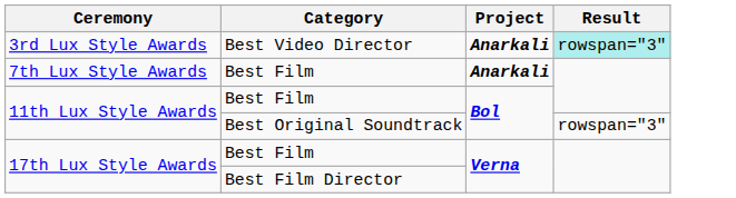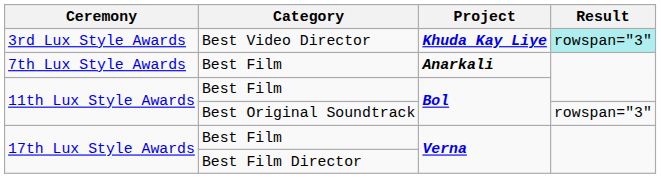 <table class="wikitable style">
 <tr>
 <th>Ceremony</th>
 <th>Category</th>
 <th>Project</th>
 <th>Result</th>
 </tr>
 <tr>
 <td><a href='#'>3rd Lux Style Awards</a></td>
 <td>Best Video Director</td>
-<td><strong><em>Anarkali</em></strong></td>
+<td><strong><em><a href='#'>Khuda Kay Liye</a></em></strong></td>
 <td style="background: paleturquoise;">rowspan="3" </td>
 </tr>
 <tr>
 <td><a href='#'>7th Lux Style Awards</a></td>
 <td>Best Film</td>
 <td><strong><em>Anarkali</em></strong></td>
 </tr>
 <tr>
 <td rowspan="2"><a href='#'>11th Lux Style Awards</a></td>
 <td>Best Film</td>
 <td rowspan="2"><strong><em><a href='#'>Bol</a></em></strong></td>
 </tr>
 <tr>
 <td>Best Original Soundtrack</td>
 <td>rowspan="3" </td>
 </tr>
 <tr>
 <td rowspan="2"><a href='#'>17th Lux Style Awards</a></td>
 <td>Best Film</td>
 <td rowspan="2"><strong><em><a href='#'>Verna</a></em></strong></td>
 </tr>
 <tr>
 <td>Best Film Director</td>
 </tr>
 </table>
